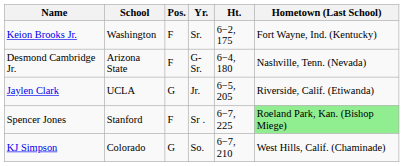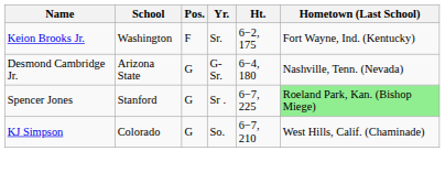 <table class="wikitable">
 <tr>
 <th>Name</th>
 <th>School</th>
 <th>Pos.</th>
 <th>Yr.</th>
 <th>Ht.</th>
 <th>Hometown (Last School)</th>
 </tr>
 <tr>
 <td><a href='#'>Keion Brooks Jr.</a></td>
 <td ! style=>Washington</td>
 <td>F</td>
 <td>Sr.</td>
 <td>6−2, 175</td>
 <td>Fort Wayne, Ind. (Kentucky)</td>
 </tr>
 <tr>
 <td>Desmond Cambridge Jr.</td>
 <td !>Arizona State</td>
-<td>F</td>
+<td>G</td>
 <td>G-Sr.</td>
 <td>6−4, 180</td>
 <td>Nashville, Tenn. (Nevada)</td>
 </tr>
 <tr>
-<td><a href='#'>Jaylen Clark</a></td>
-<td ! style=>UCLA</td>
-<td>G</td>
-<td>Jr.</td>
-<td>6−5, 205</td>
-<td>Riverside, Calif. (Etiwanda)</td>
-</tr>
-<tr>
 <td>Spencer Jones</td>
 <td ! style=>Stanford</td>
-<td>F</td>
+<td>G</td>
 <td>Sr .</td>
 <td>6−7, 225</td>
 <td style="background: lightgreen;">Roeland Park, Kan. (Bishop Miege)</td>
 </tr>
 <tr>
 <td><a href='#'>KJ Simpson</a></td>
 <td ! style=>Colorado</td>
 <td>G</td>
 <td>So.</td>
 <td>6−7, 210</td>
 <td>West Hills, Calif. (Chaminade)</td>
 </tr>
 </table>
